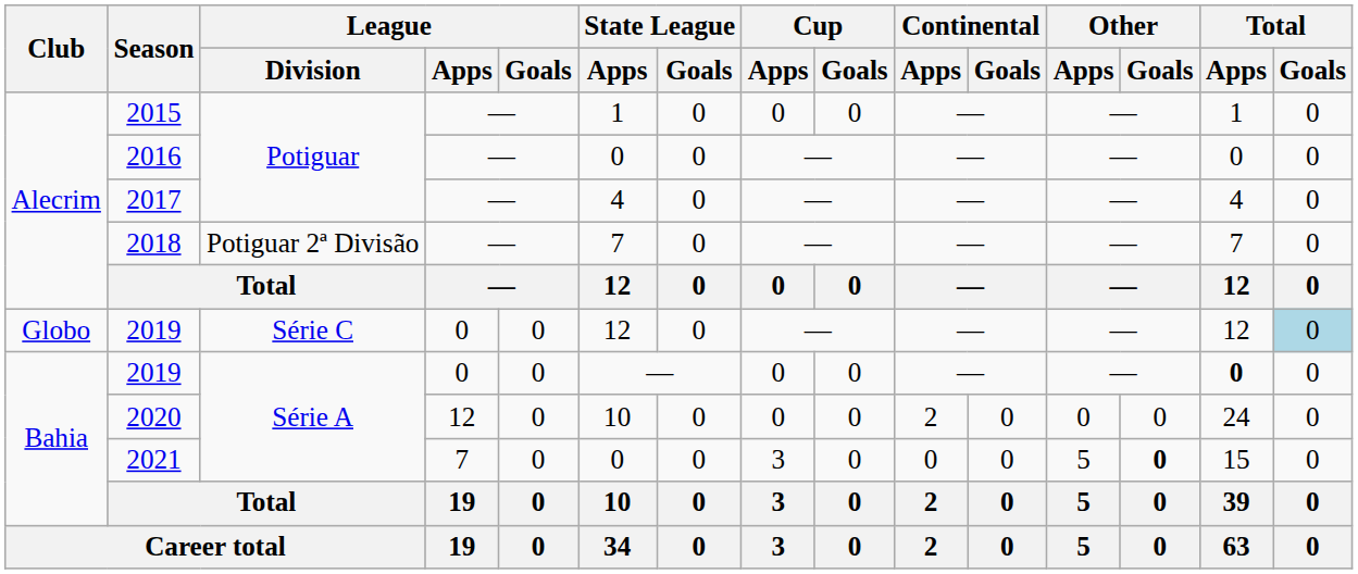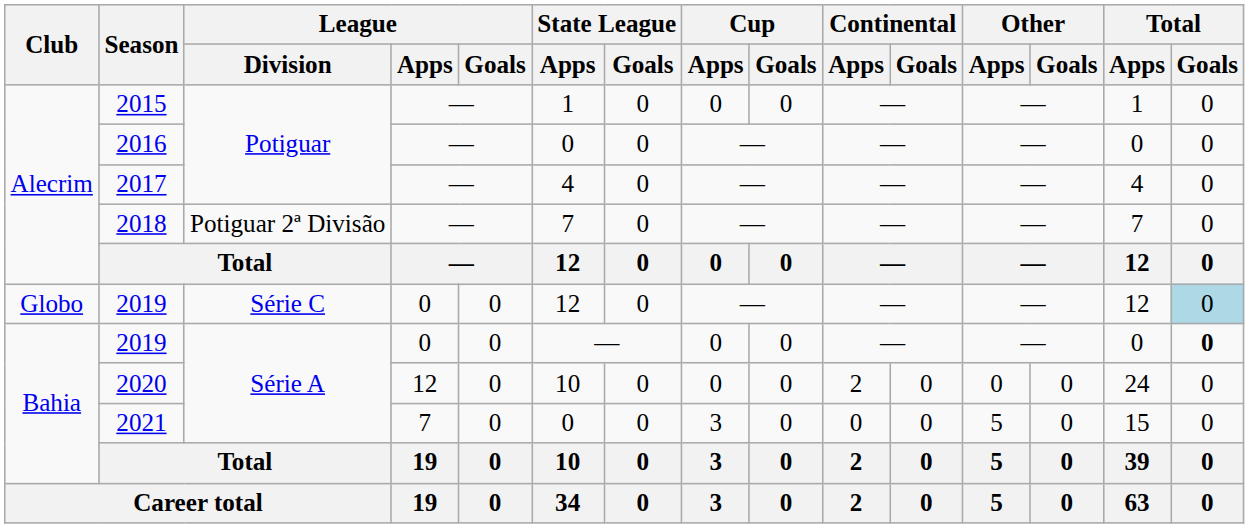 <table class="wikitable" style="text-align: center;">
 <tr>
 <th rowspan="2">Club</th>
 <th rowspan="2">Season</th>
 <th colspan="3">League</th>
 <th colspan="2">State League</th>
 <th colspan="2">Cup</th>
 <th colspan="2">Continental</th>
 <th colspan="2">Other</th>
 <th colspan="2">Total</th>
 </tr>
 <tr>
 <th>Division</th>
 <th>Apps</th>
 <th>Goals</th>
 <th>Apps</th>
 <th>Goals</th>
 <th>Apps</th>
 <th>Goals</th>
 <th>Apps</th>
 <th>Goals</th>
 <th>Apps</th>
 <th>Goals</th>
 <th>Apps</th>
 <th>Goals</th>
 </tr>
 <tr>
 <td rowspan="5" valign="center"><a href='#'>Alecrim</a></td>
 <td><a href='#'>2015</a></td>
 <td rowspan="3"><a href='#'>Potiguar</a></td>
 <td colspan="2">—</td>
 <td>1</td>
 <td>0</td>
 <td>0</td>
 <td>0</td>
 <td colspan="2">—</td>
 <td colspan="2">—</td>
 <td>1</td>
 <td>0</td>
 </tr>
 <tr>
 <td><a href='#'>2016</a></td>
 <td colspan="2">—</td>
 <td>0</td>
 <td>0</td>
 <td colspan="2">—</td>
 <td colspan="2">—</td>
 <td colspan="2">—</td>
 <td>0</td>
 <td>0</td>
 </tr>
 <tr>
 <td><a href='#'>2017</a></td>
 <td colspan="2">—</td>
 <td>4</td>
 <td>0</td>
 <td colspan="2">—</td>
 <td colspan="2">—</td>
 <td colspan="2">—</td>
 <td>4</td>
 <td>0</td>
 </tr>
 <tr>
 <td><a href='#'>2018</a></td>
 <td>Potiguar 2ª Divisão</td>
 <td colspan="2">—</td>
 <td>7</td>
 <td>0</td>
 <td colspan="2">—</td>
 <td colspan="2">—</td>
 <td colspan="2">—</td>
 <td>7</td>
 <td>0</td>
 </tr>
 <tr>
 <th colspan="2">Total</th>
 <th colspan="2">—</th>
 <th>12</th>
 <th>0</th>
 <th>0</th>
 <th>0</th>
 <th colspan="2">—</th>
 <th colspan="2">—</th>
 <th>12</th>
 <th>0</th>
 </tr>
 <tr>
 <td valign="center"><a href='#'>Globo</a></td>
 <td><a href='#'>2019</a></td>
 <td><a href='#'>Série C</a></td>
 <td>0</td>
 <td>0</td>
 <td>12</td>
 <td>0</td>
 <td colspan="2">—</td>
 <td colspan="2">—</td>
 <td colspan="2">—</td>
 <td>12</td>
 <td style="background: lightblue;">0</td>
 </tr>
 <tr>
 <td rowspan="4" valign="center"><a href='#'>Bahia</a></td>
 <td><a href='#'>2019</a></td>
 <td rowspan="3"><a href='#'>Série A</a></td>
 <td>0</td>
 <td>0</td>
 <td colspan="2">—</td>
 <td>0</td>
 <td>0</td>
 <td colspan="2">—</td>
 <td colspan="2">—</td>
+<td>0</td>
 <td><strong>0</strong></td>
-<td>0</td>
 </tr>
 <tr>
 <td><a href='#'>2020</a></td>
 <td>12</td>
 <td>0</td>
 <td>10</td>
 <td>0</td>
 <td>0</td>
 <td>0</td>
 <td>2</td>
 <td>0</td>
 <td>0</td>
 <td>0</td>
 <td>24</td>
 <td>0</td>
 </tr>
 <tr>
 <td><a href='#'>2021</a></td>
 <td>7</td>
 <td>0</td>
 <td>0</td>
 <td>0</td>
 <td>3</td>
 <td>0</td>
 <td>0</td>
 <td>0</td>
 <td>5</td>
-<td><strong>0</strong></td>
+<td>0</td>
 <td>15</td>
 <td>0</td>
 </tr>
 <tr>
 <th colspan="2">Total</th>
 <th>19</th>
 <th>0</th>
 <th>10</th>
 <th>0</th>
 <th>3</th>
 <th>0</th>
 <th>2</th>
 <th>0</th>
 <th>5</th>
 <th>0</th>
 <th>39</th>
 <th>0</th>
 </tr>
 <tr>
 <th colspan="3"><strong>Career total</strong></th>
 <th>19</th>
 <th>0</th>
 <th>34</th>
 <th>0</th>
 <th>3</th>
 <th>0</th>
 <th>2</th>
 <th>0</th>
 <th>5</th>
 <th>0</th>
 <th>63</th>
 <th>0</th>
 </tr>
 </table>
